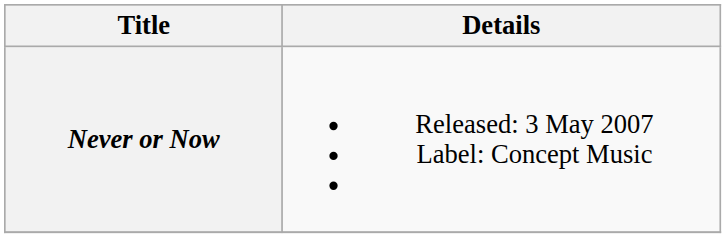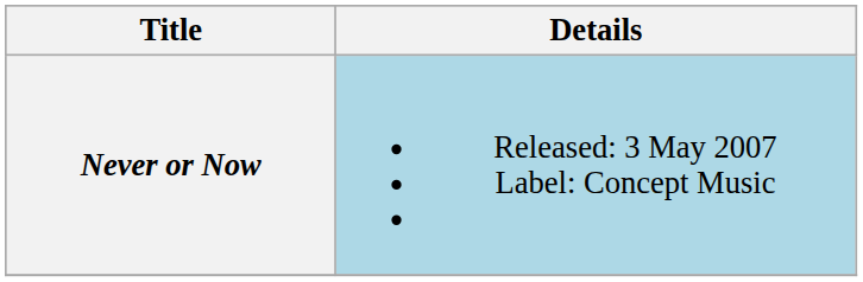 <table class="wikitable plainrowheaders" style="text-align:center;" border="1">
 <tr>
 <th scope="col" style="width:10em;">Title</th>
 <th scope="col" style="width:16em;">Details</th>
 </tr>
 <tr>
 <th scope="row"><em>Never or Now</em></th>
-<td><br><ul><li>Released: 3 May 2007</li><li>Label: Concept Music</li><li></li></ul></td>
+<td style="background: lightblue;"><br><ul><li>Released: 3 May 2007</li><li>Label: Concept Music</li><li></li></ul></td>
 </tr>
 <tr>
 </tr>
 </table>
